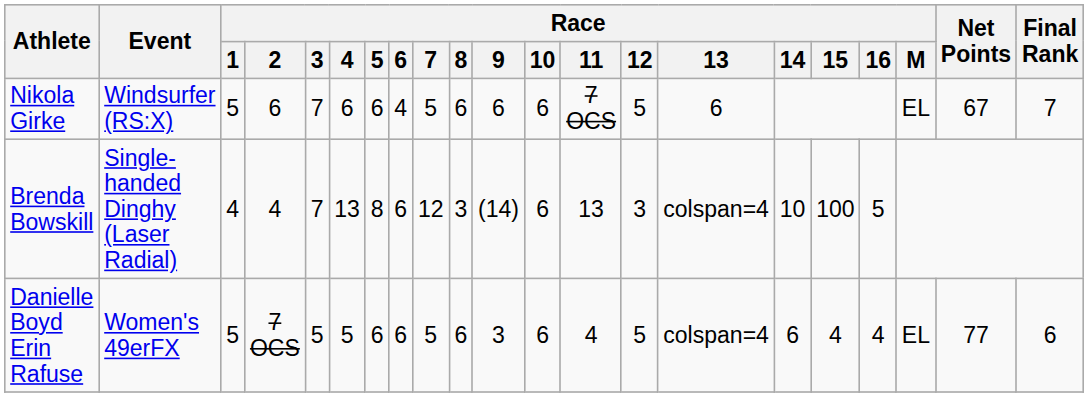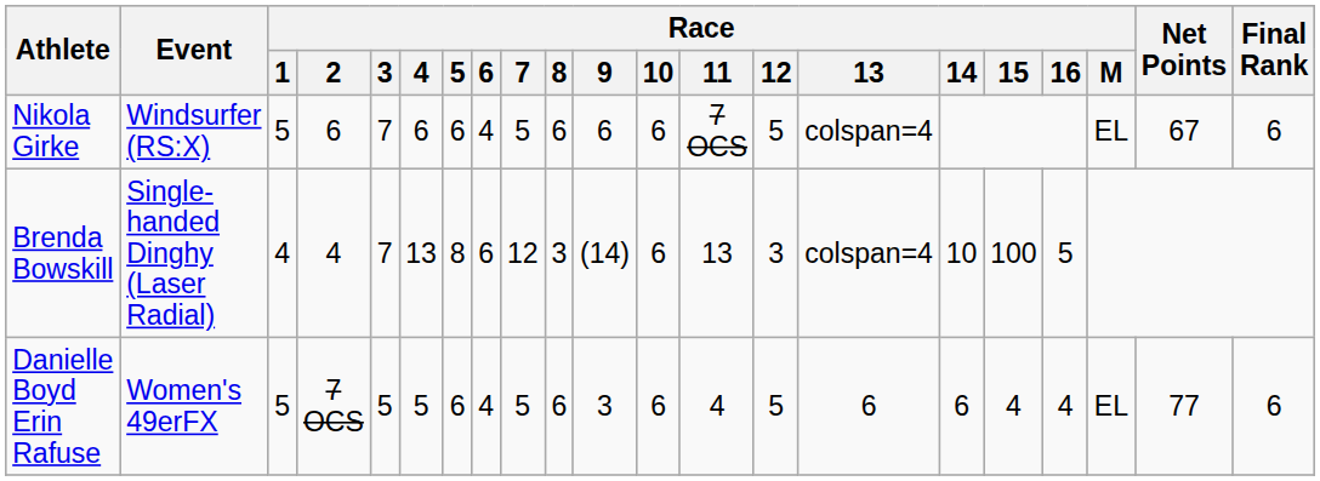 <table class="wikitable" style="font-size:90%">
 <tr>
 <th rowspan=2>Athlete</th>
 <th rowspan=2>Event</th>
 <th colspan=17>Race</th>
 <th rowspan=2>Net Points</th>
 <th rowspan=2>Final Rank</th>
 </tr>
 <tr>
 <th>1</th>
 <th>2</th>
 <th>3</th>
 <th>4</th>
 <th>5</th>
 <th>6</th>
 <th>7</th>
 <th>8</th>
 <th>9</th>
 <th>10</th>
 <th>11</th>
 <th>12</th>
 <th>13</th>
 <th>14</th>
 <th>15</th>
 <th>16</th>
 <th>M</th>
 </tr>
 <tr align=center>
 <td align=left><a href='#'>Nikola Girke</a></td>
 <td align=left><a href='#'>Windsurfer (RS:X)</a></td>
 <td>5</td>
 <td>6</td>
 <td>7</td>
 <td>6</td>
 <td>6</td>
 <td>4</td>
 <td>5</td>
 <td>6</td>
 <td>6</td>
 <td>6</td>
 <td><s>7<br> OCS</s></td>
 <td>5</td>
-<td>6</td>
+<td>colspan=4 </td>
 <td colspan=3></td>
 <td>EL</td>
 <td>67</td>
-<td>7</td>
+<td>6</td>
 </tr>
 <tr align=center>
 <td align=left><a href='#'>Brenda Bowskill</a></td>
 <td align=left><a href='#'>Single-handed Dinghy (Laser Radial)</a></td>
 <td>4</td>
 <td>4</td>
 <td>7</td>
 <td>13</td>
 <td>8</td>
 <td>6</td>
 <td>12</td>
 <td>3</td>
 <td>(14)</td>
 <td>6</td>
 <td>13</td>
 <td>3</td>
 <td>colspan=4 </td>
 <td>10</td>
 <td>100</td>
 <td>5</td>
 </tr>
 <tr align=center>
 <td align=left><a href='#'>Danielle Boyd</a><br><a href='#'>Erin Rafuse</a></td>
 <td align=left><a href='#'>Women's 49erFX</a></td>
 <td>5</td>
 <td><s>7<br>OCS</s></td>
 <td>5</td>
 <td>5</td>
 <td>6</td>
-<td>6</td>
+<td>4</td>
 <td>5</td>
 <td>6</td>
 <td>3</td>
 <td>6</td>
 <td>4</td>
 <td>5</td>
-<td>colspan=4 </td>
+<td>6</td>
 <td>6</td>
 <td>4</td>
 <td>4</td>
 <td>EL</td>
 <td>77</td>
 <td>6</td>
 </tr>
 </table>
